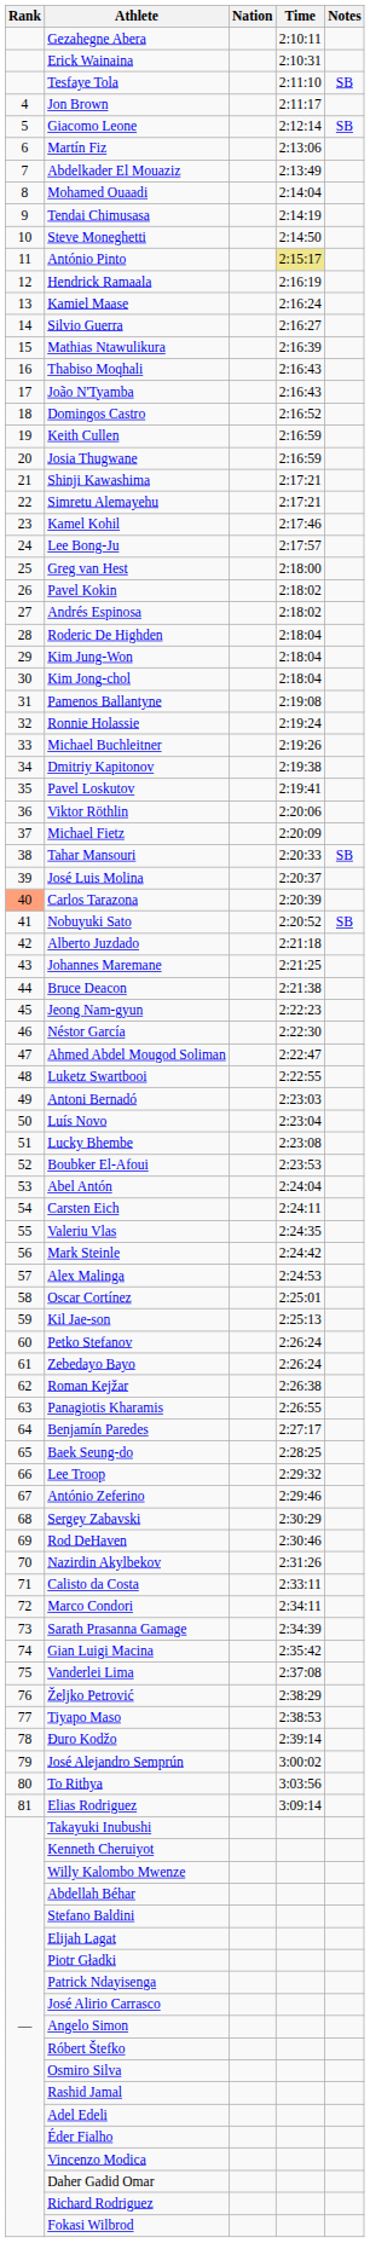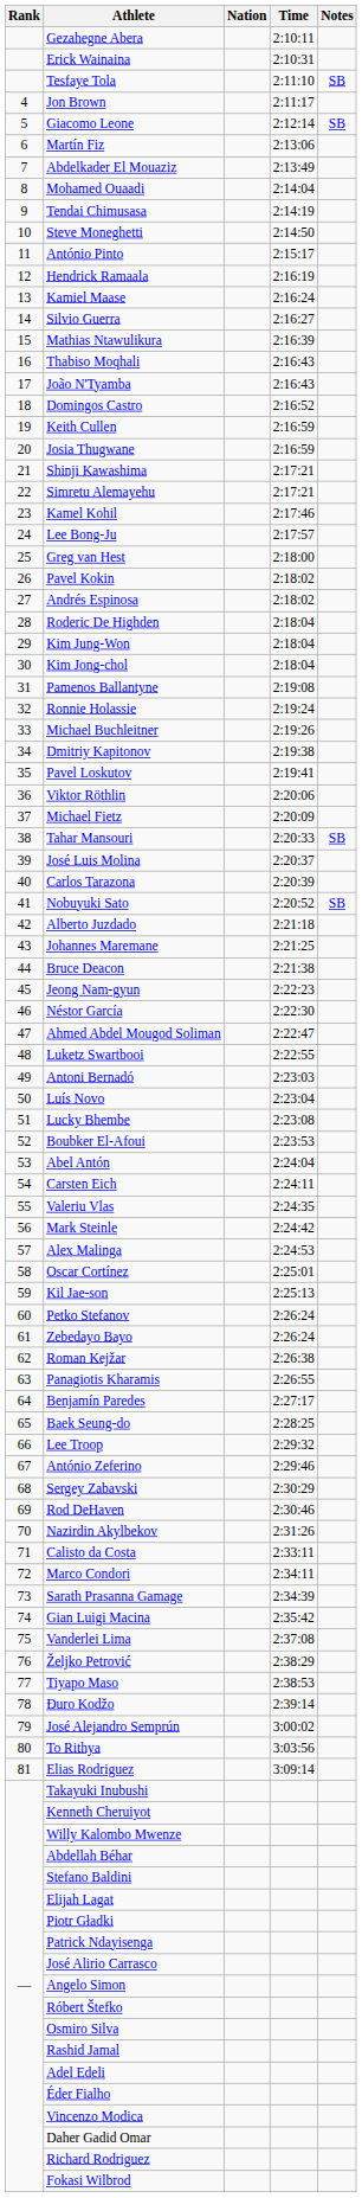 <table class="wikitable sortable" style="text-align:center">
 <tr>
 <th>Rank</th>
 <th>Athlete</th>
 <th>Nation</th>
 <th>Time</th>
 <th>Notes</th>
 </tr>
 <tr>
 <td></td>
 <td align=left><a href='#'>Gezahegne Abera</a></td>
 <td align=left></td>
 <td>2:10:11</td>
 <td></td>
 </tr>
 <tr>
 <td></td>
 <td align=left><a href='#'>Erick Wainaina</a></td>
 <td align=left></td>
 <td>2:10:31</td>
 <td></td>
 </tr>
 <tr>
 <td></td>
 <td align=left><a href='#'>Tesfaye Tola</a></td>
 <td align=left></td>
 <td>2:11:10</td>
 <td><a href='#'>SB</a></td>
 </tr>
 <tr>
 <td>4</td>
 <td align=left><a href='#'>Jon Brown</a></td>
 <td align=left></td>
 <td>2:11:17</td>
 <td></td>
 </tr>
 <tr>
 <td>5</td>
 <td align=left><a href='#'>Giacomo Leone</a></td>
 <td align=left></td>
 <td>2:12:14</td>
 <td><a href='#'>SB</a></td>
 </tr>
 <tr>
 <td>6</td>
 <td align=left><a href='#'>Martín Fiz</a></td>
 <td align=left></td>
 <td>2:13:06</td>
 <td></td>
 </tr>
 <tr>
 <td>7</td>
 <td align=left><a href='#'>Abdelkader El Mouaziz</a></td>
 <td align=left></td>
 <td>2:13:49</td>
 <td></td>
 </tr>
 <tr>
 <td>8</td>
 <td align=left><a href='#'>Mohamed Ouaadi</a></td>
 <td align=left></td>
 <td>2:14:04</td>
 <td></td>
 </tr>
 <tr>
 <td>9</td>
 <td align=left><a href='#'>Tendai Chimusasa</a></td>
 <td align=left></td>
 <td>2:14:19</td>
 <td></td>
 </tr>
 <tr>
 <td>10</td>
 <td align=left><a href='#'>Steve Moneghetti</a></td>
 <td align=left></td>
 <td>2:14:50</td>
 <td></td>
 </tr>
 <tr>
 <td>11</td>
 <td align=left><a href='#'>António Pinto</a></td>
 <td align=left></td>
-<td style="background: khaki;">2:15:17</td>
+<td>2:15:17</td>
 <td></td>
 </tr>
 <tr>
 <td>12</td>
 <td align=left><a href='#'>Hendrick Ramaala</a></td>
 <td align=left></td>
 <td>2:16:19</td>
 <td></td>
 </tr>
 <tr>
 <td>13</td>
 <td align=left><a href='#'>Kamiel Maase</a></td>
 <td align=left></td>
 <td>2:16:24</td>
 <td></td>
 </tr>
 <tr>
 <td>14</td>
 <td align=left><a href='#'>Silvio Guerra</a></td>
 <td align=left></td>
 <td>2:16:27</td>
 <td></td>
 </tr>
 <tr>
 <td>15</td>
 <td align=left><a href='#'>Mathias Ntawulikura</a></td>
 <td align=left></td>
 <td>2:16:39</td>
 <td></td>
 </tr>
 <tr>
 <td>16</td>
 <td align=left><a href='#'>Thabiso Moqhali</a></td>
 <td align=left></td>
 <td>2:16:43</td>
 <td></td>
 </tr>
 <tr>
 <td>17</td>
 <td align=left><a href='#'>João N'Tyamba</a></td>
 <td align=left></td>
 <td>2:16:43</td>
 <td></td>
 </tr>
 <tr>
 <td>18</td>
 <td align=left><a href='#'>Domingos Castro</a></td>
 <td align=left></td>
 <td>2:16:52</td>
 <td></td>
 </tr>
 <tr>
 <td>19</td>
 <td align=left><a href='#'>Keith Cullen</a></td>
 <td align=left></td>
 <td>2:16:59</td>
 <td></td>
 </tr>
 <tr>
 <td>20</td>
 <td align=left><a href='#'>Josia Thugwane</a></td>
 <td align=left></td>
 <td>2:16:59</td>
 <td></td>
 </tr>
 <tr>
 <td>21</td>
 <td align=left><a href='#'>Shinji Kawashima</a></td>
 <td align=left></td>
 <td>2:17:21</td>
 <td></td>
 </tr>
 <tr>
 <td>22</td>
 <td align=left><a href='#'>Simretu Alemayehu</a></td>
 <td align=left></td>
 <td>2:17:21</td>
 <td></td>
 </tr>
 <tr>
 <td>23</td>
 <td align=left><a href='#'>Kamel Kohil</a></td>
 <td align=left></td>
 <td>2:17:46</td>
 <td></td>
 </tr>
 <tr>
 <td>24</td>
 <td align=left><a href='#'>Lee Bong-Ju</a></td>
 <td align=left></td>
 <td>2:17:57</td>
 <td></td>
 </tr>
 <tr>
 <td>25</td>
 <td align=left><a href='#'>Greg van Hest</a></td>
 <td align=left></td>
 <td>2:18:00</td>
 <td></td>
 </tr>
 <tr>
 <td>26</td>
 <td align=left><a href='#'>Pavel Kokin</a></td>
 <td align=left></td>
 <td>2:18:02</td>
 <td></td>
 </tr>
 <tr>
 <td>27</td>
 <td align=left><a href='#'>Andrés Espinosa</a></td>
 <td align=left></td>
 <td>2:18:02</td>
 <td></td>
 </tr>
 <tr>
 <td>28</td>
 <td align=left><a href='#'>Roderic De Highden</a></td>
 <td align=left></td>
 <td>2:18:04</td>
 <td></td>
 </tr>
 <tr>
 <td>29</td>
 <td align=left><a href='#'>Kim Jung-Won</a></td>
 <td align=left></td>
 <td>2:18:04</td>
 <td></td>
 </tr>
 <tr>
 <td>30</td>
 <td align=left><a href='#'>Kim Jong-chol</a></td>
 <td align=left></td>
 <td>2:18:04</td>
 <td></td>
 </tr>
 <tr>
 <td>31</td>
 <td align=left><a href='#'>Pamenos Ballantyne</a></td>
 <td align=left></td>
 <td>2:19:08</td>
 <td></td>
 </tr>
 <tr>
 <td>32</td>
 <td align=left><a href='#'>Ronnie Holassie</a></td>
 <td align=left></td>
 <td>2:19:24</td>
 <td></td>
 </tr>
 <tr>
 <td>33</td>
 <td align=left><a href='#'>Michael Buchleitner</a></td>
 <td align=left></td>
 <td>2:19:26</td>
 <td></td>
 </tr>
 <tr>
 <td>34</td>
 <td align=left><a href='#'>Dmitriy Kapitonov</a></td>
 <td align=left></td>
 <td>2:19:38</td>
 <td></td>
 </tr>
 <tr>
 <td>35</td>
 <td align=left><a href='#'>Pavel Loskutov</a></td>
 <td align=left></td>
 <td>2:19:41</td>
 <td></td>
 </tr>
 <tr>
 <td>36</td>
 <td align=left><a href='#'>Viktor Röthlin</a></td>
 <td align=left></td>
 <td>2:20:06</td>
 <td></td>
 </tr>
 <tr>
 <td>37</td>
 <td align=left><a href='#'>Michael Fietz</a></td>
 <td align=left></td>
 <td>2:20:09</td>
 <td></td>
 </tr>
 <tr>
 <td>38</td>
 <td align=left><a href='#'>Tahar Mansouri</a></td>
 <td align=left></td>
 <td>2:20:33</td>
 <td><a href='#'>SB</a></td>
 </tr>
 <tr>
 <td>39</td>
 <td align=left><a href='#'>José Luis Molina</a></td>
 <td align=left></td>
 <td>2:20:37</td>
 <td></td>
 </tr>
 <tr>
-<td style="background: lightsalmon;">40</td>
+<td>40</td>
 <td align=left><a href='#'>Carlos Tarazona</a></td>
 <td align=left></td>
 <td>2:20:39</td>
 <td></td>
 </tr>
 <tr>
 <td>41</td>
 <td align=left><a href='#'>Nobuyuki Sato</a></td>
 <td align=left></td>
 <td>2:20:52</td>
 <td><a href='#'>SB</a></td>
 </tr>
 <tr>
 <td>42</td>
 <td align=left><a href='#'>Alberto Juzdado</a></td>
 <td align=left></td>
 <td>2:21:18</td>
 <td></td>
 </tr>
 <tr>
 <td>43</td>
 <td align=left><a href='#'>Johannes Maremane</a></td>
 <td align=left></td>
 <td>2:21:25</td>
 <td></td>
 </tr>
 <tr>
 <td>44</td>
 <td align=left><a href='#'>Bruce Deacon</a></td>
 <td align=left></td>
 <td>2:21:38</td>
 <td></td>
 </tr>
 <tr>
 <td>45</td>
 <td align=left><a href='#'>Jeong Nam-gyun</a></td>
 <td align=left></td>
 <td>2:22:23</td>
 <td></td>
 </tr>
 <tr>
 <td>46</td>
 <td align=left><a href='#'>Néstor García</a></td>
 <td align=left></td>
 <td>2:22:30</td>
 <td></td>
 </tr>
 <tr>
 <td>47</td>
 <td align=left><a href='#'>Ahmed Abdel Mougod Soliman</a></td>
 <td align=left></td>
 <td>2:22:47</td>
 <td></td>
 </tr>
 <tr>
 <td>48</td>
 <td align=left><a href='#'>Luketz Swartbooi</a></td>
 <td align=left></td>
 <td>2:22:55</td>
 <td></td>
 </tr>
 <tr>
 <td>49</td>
 <td align=left><a href='#'>Antoni Bernadó</a></td>
 <td align=left></td>
 <td>2:23:03</td>
 <td></td>
 </tr>
 <tr>
 <td>50</td>
 <td align=left><a href='#'>Luís Novo</a></td>
 <td align=left></td>
 <td>2:23:04</td>
 <td></td>
 </tr>
 <tr>
 <td>51</td>
 <td align=left><a href='#'>Lucky Bhembe</a></td>
 <td align=left></td>
 <td>2:23:08</td>
 <td></td>
 </tr>
 <tr>
 <td>52</td>
 <td align=left><a href='#'>Boubker El-Afoui</a></td>
 <td align=left></td>
 <td>2:23:53</td>
 <td></td>
 </tr>
 <tr>
 <td>53</td>
 <td align=left><a href='#'>Abel Antón</a></td>
 <td align=left></td>
 <td>2:24:04</td>
 <td></td>
 </tr>
 <tr>
 <td>54</td>
 <td align=left><a href='#'>Carsten Eich</a></td>
 <td align=left></td>
 <td>2:24:11</td>
 <td></td>
 </tr>
 <tr>
 <td>55</td>
 <td align=left><a href='#'>Valeriu Vlas</a></td>
 <td align=left></td>
 <td>2:24:35</td>
 <td></td>
 </tr>
 <tr>
 <td>56</td>
 <td align=left><a href='#'>Mark Steinle</a></td>
 <td align=left></td>
 <td>2:24:42</td>
 <td></td>
 </tr>
 <tr>
 <td>57</td>
 <td align=left><a href='#'>Alex Malinga</a></td>
 <td align=left></td>
 <td>2:24:53</td>
 <td></td>
 </tr>
 <tr>
 <td>58</td>
 <td align=left><a href='#'>Oscar Cortínez</a></td>
 <td align=left></td>
 <td>2:25:01</td>
 <td></td>
 </tr>
 <tr>
 <td>59</td>
 <td align=left><a href='#'>Kil Jae-son</a></td>
 <td align=left></td>
 <td>2:25:13</td>
 <td></td>
 </tr>
 <tr>
 <td>60</td>
 <td align=left><a href='#'>Petko Stefanov</a></td>
 <td align=left></td>
 <td>2:26:24</td>
 <td></td>
 </tr>
 <tr>
 <td>61</td>
 <td align=left><a href='#'>Zebedayo Bayo</a></td>
 <td align=left></td>
 <td>2:26:24</td>
 <td></td>
 </tr>
 <tr>
 <td>62</td>
 <td align=left><a href='#'>Roman Kejžar</a></td>
 <td align=left></td>
 <td>2:26:38</td>
 <td></td>
 </tr>
 <tr>
 <td>63</td>
 <td align=left><a href='#'>Panagiotis Kharamis</a></td>
 <td align=left></td>
 <td>2:26:55</td>
 <td></td>
 </tr>
 <tr>
 <td>64</td>
 <td align=left><a href='#'>Benjamín Paredes</a></td>
 <td align=left></td>
 <td>2:27:17</td>
 <td></td>
 </tr>
 <tr>
 <td>65</td>
 <td align=left><a href='#'>Baek Seung-do</a></td>
 <td align=left></td>
 <td>2:28:25</td>
 <td></td>
 </tr>
 <tr>
 <td>66</td>
 <td align=left><a href='#'>Lee Troop</a></td>
 <td align=left></td>
 <td>2:29:32</td>
 <td></td>
 </tr>
 <tr>
 <td>67</td>
 <td align=left><a href='#'>António Zeferino</a></td>
 <td align=left></td>
 <td>2:29:46</td>
 <td></td>
 </tr>
 <tr>
 <td>68</td>
 <td align=left><a href='#'>Sergey Zabavski</a></td>
 <td align=left></td>
 <td>2:30:29</td>
 <td></td>
 </tr>
 <tr>
 <td>69</td>
 <td align=left><a href='#'>Rod DeHaven</a></td>
 <td align=left></td>
 <td>2:30:46</td>
 <td></td>
 </tr>
 <tr>
 <td>70</td>
 <td align=left><a href='#'>Nazirdin Akylbekov</a></td>
 <td align=left></td>
 <td>2:31:26</td>
 <td></td>
 </tr>
 <tr>
 <td>71</td>
 <td align=left><a href='#'>Calisto da Costa</a></td>
 <td align=left></td>
 <td>2:33:11</td>
 <td></td>
 </tr>
 <tr>
 <td>72</td>
 <td align=left><a href='#'>Marco Condori</a></td>
 <td align=left></td>
 <td>2:34:11</td>
 <td></td>
 </tr>
 <tr>
 <td>73</td>
 <td align=left><a href='#'>Sarath Prasanna Gamage</a></td>
 <td align=left></td>
 <td>2:34:39</td>
 <td></td>
 </tr>
 <tr>
 <td>74</td>
 <td align=left><a href='#'>Gian Luigi Macina</a></td>
 <td align=left></td>
 <td>2:35:42</td>
 <td></td>
 </tr>
 <tr>
 <td>75</td>
 <td align=left><a href='#'>Vanderlei Lima</a></td>
 <td align=left></td>
 <td>2:37:08</td>
 <td></td>
 </tr>
 <tr>
 <td>76</td>
 <td align=left><a href='#'>Željko Petrović</a></td>
 <td align=left></td>
 <td>2:38:29</td>
 <td></td>
 </tr>
 <tr>
 <td>77</td>
 <td align=left><a href='#'>Tiyapo Maso</a></td>
 <td align=left></td>
 <td>2:38:53</td>
 <td></td>
 </tr>
 <tr>
 <td>78</td>
 <td align=left><a href='#'>Ðuro Kodžo</a></td>
 <td align=left></td>
 <td>2:39:14</td>
 <td></td>
 </tr>
 <tr>
 <td>79</td>
 <td align=left><a href='#'>José Alejandro Semprún</a></td>
 <td align=left></td>
 <td>3:00:02</td>
 <td></td>
 </tr>
 <tr>
 <td>80</td>
 <td align=left><a href='#'>To Rithya</a></td>
 <td align=left></td>
 <td>3:03:56</td>
 <td></td>
 </tr>
 <tr>
 <td>81</td>
 <td align=left><a href='#'>Elias Rodriguez</a></td>
 <td align=left></td>
 <td>3:09:14</td>
 <td></td>
 </tr>
 <tr>
 <td rowspan=19 data-sort-value=82>—</td>
 <td align=left><a href='#'>Takayuki Inubushi</a></td>
 <td align=left></td>
 <td data-sort-value=4:00:00></td>
 <td></td>
 </tr>
 <tr>
 <td align=left><a href='#'>Kenneth Cheruiyot</a></td>
 <td align=left></td>
 <td data-sort-value=4:00:00></td>
 <td></td>
 </tr>
 <tr>
 <td align=left><a href='#'>Willy Kalombo Mwenze</a></td>
 <td align=left></td>
 <td data-sort-value=4:00:00></td>
 <td></td>
 </tr>
 <tr>
 <td align=left><a href='#'>Abdellah Béhar</a></td>
 <td align=left></td>
 <td data-sort-value=4:00:00></td>
 <td></td>
 </tr>
 <tr>
 <td align=left><a href='#'>Stefano Baldini</a></td>
 <td align=left></td>
 <td data-sort-value=4:00:00></td>
 <td></td>
 </tr>
 <tr>
 <td align=left><a href='#'>Elijah Lagat</a></td>
 <td align=left></td>
 <td data-sort-value=4:00:00></td>
 <td></td>
 </tr>
 <tr>
 <td align=left><a href='#'>Piotr Gładki</a></td>
 <td align=left></td>
 <td data-sort-value=4:00:00></td>
 <td></td>
 </tr>
 <tr>
 <td align=left><a href='#'>Patrick Ndayisenga</a></td>
 <td align=left></td>
 <td data-sort-value=4:00:00></td>
 <td></td>
 </tr>
 <tr>
 <td align=left><a href='#'>José Alirio Carrasco</a></td>
 <td align=left></td>
 <td data-sort-value=4:00:00></td>
 <td></td>
 </tr>
 <tr>
 <td align=left><a href='#'>Angelo Simon</a></td>
 <td align=left></td>
 <td data-sort-value=4:00:00></td>
 <td></td>
 </tr>
 <tr>
 <td align=left><a href='#'>Róbert Štefko</a></td>
 <td align=left></td>
 <td data-sort-value=4:00:00></td>
 <td></td>
 </tr>
 <tr>
 <td align=left><a href='#'>Osmiro Silva</a></td>
 <td align=left></td>
 <td data-sort-value=4:00:00></td>
 <td></td>
 </tr>
 <tr>
 <td align=left><a href='#'>Rashid Jamal</a></td>
 <td align=left></td>
 <td data-sort-value=4:00:00></td>
 <td></td>
 </tr>
 <tr>
 <td align=left><a href='#'>Adel Edeli</a></td>
 <td align=left></td>
 <td data-sort-value=4:00:00></td>
 <td></td>
 </tr>
 <tr>
 <td align=left><a href='#'>Éder Fialho</a></td>
 <td align=left></td>
 <td data-sort-value=4:00:00></td>
 <td></td>
 </tr>
 <tr>
 <td align=left><a href='#'>Vincenzo Modica</a></td>
 <td align=left></td>
 <td data-sort-value=4:00:00></td>
 <td></td>
 </tr>
 <tr>
 <td align=left>Daher Gadid Omar</td>
 <td align=left></td>
 <td data-sort-value=4:00:00></td>
 <td></td>
 </tr>
 <tr>
 <td align=left><a href='#'>Richard Rodriguez</a></td>
 <td align=left></td>
 <td data-sort-value=4:00:00></td>
 <td></td>
 </tr>
 <tr>
 <td align=left><a href='#'>Fokasi Wilbrod</a></td>
 <td align=left></td>
 <td data-sort-value=4:00:00></td>
 <td></td>
 </tr>
 </table>
